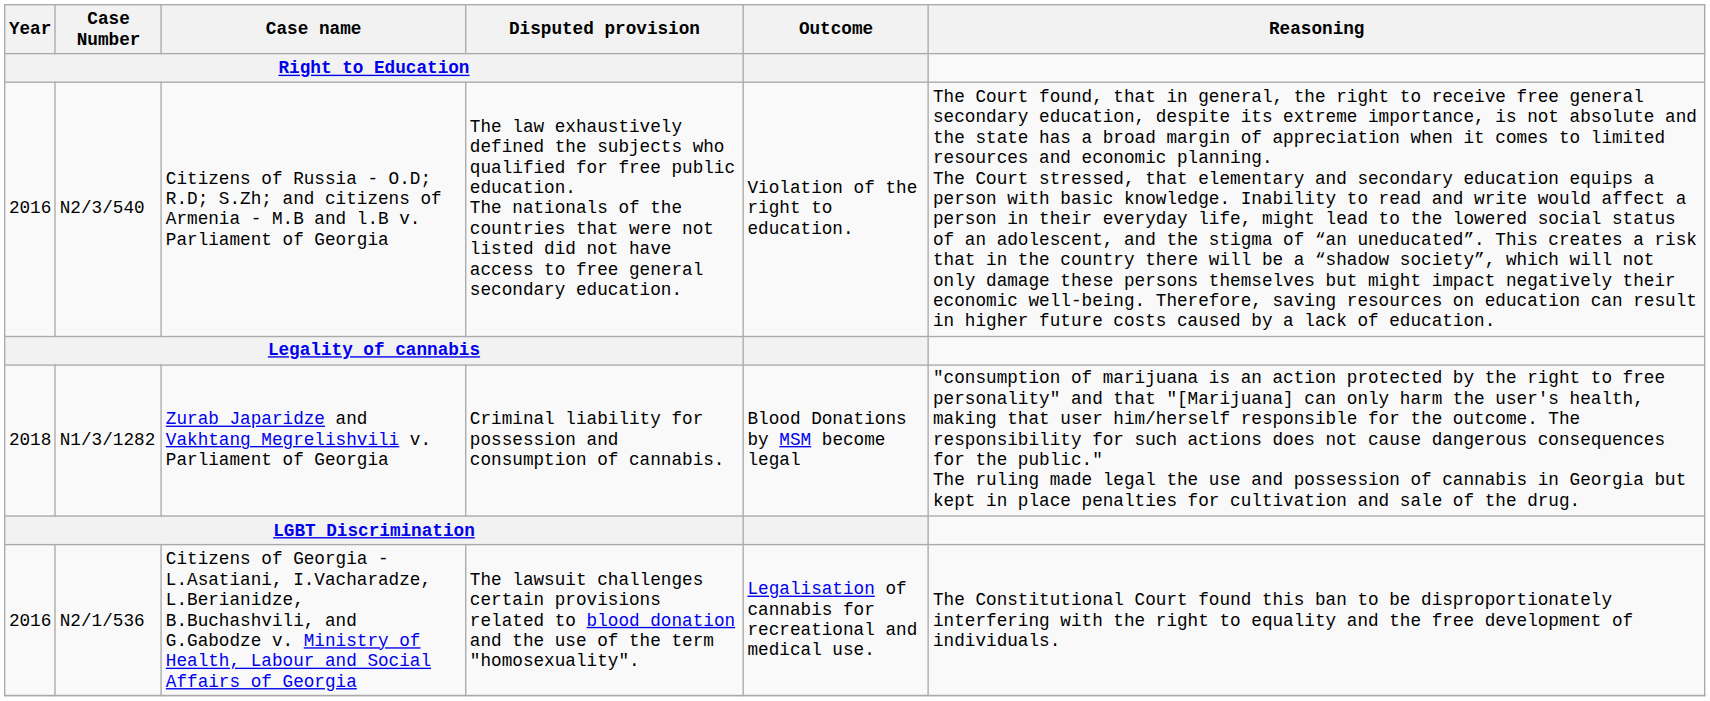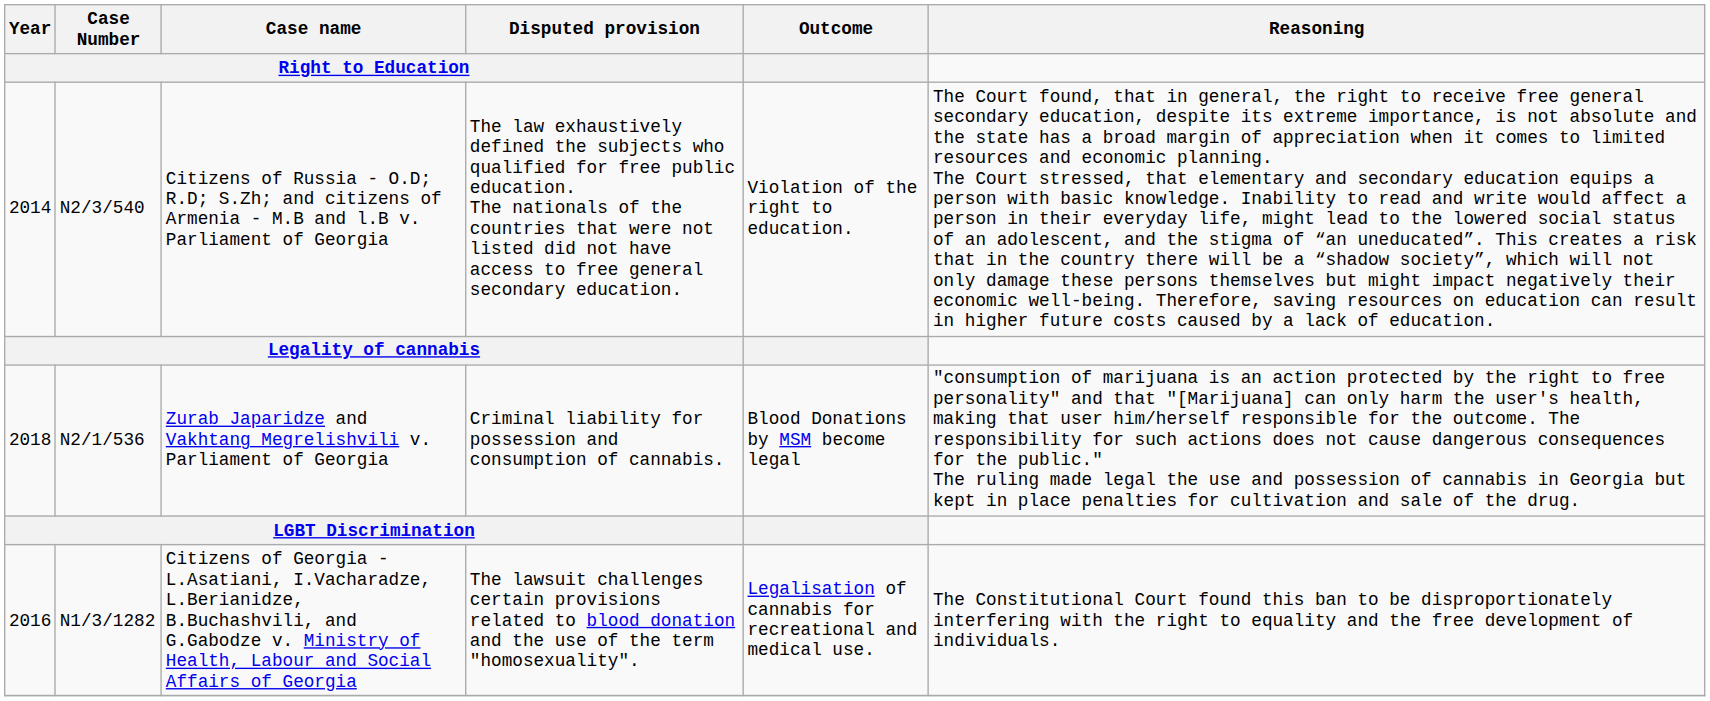 <table class="wikitable">
 <tr>
 <th>Year</th>
 <th>Case Number</th>
 <th>Case name</th>
 <th>Disputed provision</th>
 <th>Outcome</th>
 <th>Reasoning</th>
 </tr>
 <tr>
 <th colspan="4"><a href='#'>Right to Education</a></th>
 <th></th>
 </tr>
 <tr>
-<td>2016</td>
+<td>2014</td>
 <td>N2/3/540</td>
 <td>Citizens of Russia - O.D; R.D; S.Zh; and citizens of Armenia - M.B and l.B v. Parliament of Georgia</td>
 <td>The law exhaustively defined the subjects who qualified for free public education.<br>The nationals of the countries that were not listed did not have access to free general secondary education.</td>
 <td>Violation of the right to education.</td>
 <td>The Court found, that in general, the right to receive free general secondary education, despite its extreme importance, is not absolute and the state has a broad margin of appreciation when it comes to limited resources and economic planning.<br>The Court stressed, that elementary and secondary education equips a person with basic knowledge. Inability to read and write would affect a person in their everyday life, might lead to the lowered social status of an adolescent, and the stigma of “an uneducated”. This creates a risk that in the country there will be a “shadow society”, which will not only damage these persons themselves but might impact negatively their economic well-being. Therefore, saving resources on education can result in higher future costs caused by a lack of education.</td>
 </tr>
 <tr>
 <th colspan="4"><a href='#'>Legality of cannabis</a></th>
 <th></th>
 </tr>
 <tr>
 <td>2018</td>
-<td>N1/3/1282</td>
+<td>N2/1/536 </td>
 <td><a href='#'>Zurab Japaridze</a> and <a href='#'>Vakhtang Megrelishvili</a> v. Parliament of Georgia</td>
 <td>Criminal liability for possession and consumption of cannabis.</td>
 <td>Blood Donations by <a href='#'>MSM</a> become legal</td>
 <td>"consumption of marijuana is an action protected by the right to free personality" and that "[Marijuana] can only harm the user's health, making that user him/herself responsible for the outcome. The responsibility for such actions does not cause dangerous consequences for the public."<br>The ruling made legal the use and possession of cannabis in Georgia but kept in place penalties for cultivation and sale of the drug.</td>
 </tr>
 <tr>
 <th colspan="4"><a href='#'>LGBT Discrimination</a></th>
 <th></th>
 </tr>
 <tr>
 <td>2016</td>
-<td>N2/1/536 </td>
+<td>N1/3/1282</td>
 <td>Citizens of Georgia - L.Asatiani, I.Vacharadze, L.Berianidze, B.Buchashvili, and G.Gabodze v. <a href='#'>Ministry of Health, Labour and Social Affairs of Georgia</a></td>
 <td>The lawsuit challenges certain provisions related to <a href='#'>blood donation</a> and the use of the term "homosexuality".</td>
 <td><a href='#'>Legalisation</a> of cannabis for recreational and medical use.</td>
 <td>The Constitutional Court found this ban to be disproportionately interfering with the right to equality and the free development of individuals.</td>
 </tr>
 <tr>
 </tr>
 </table>
